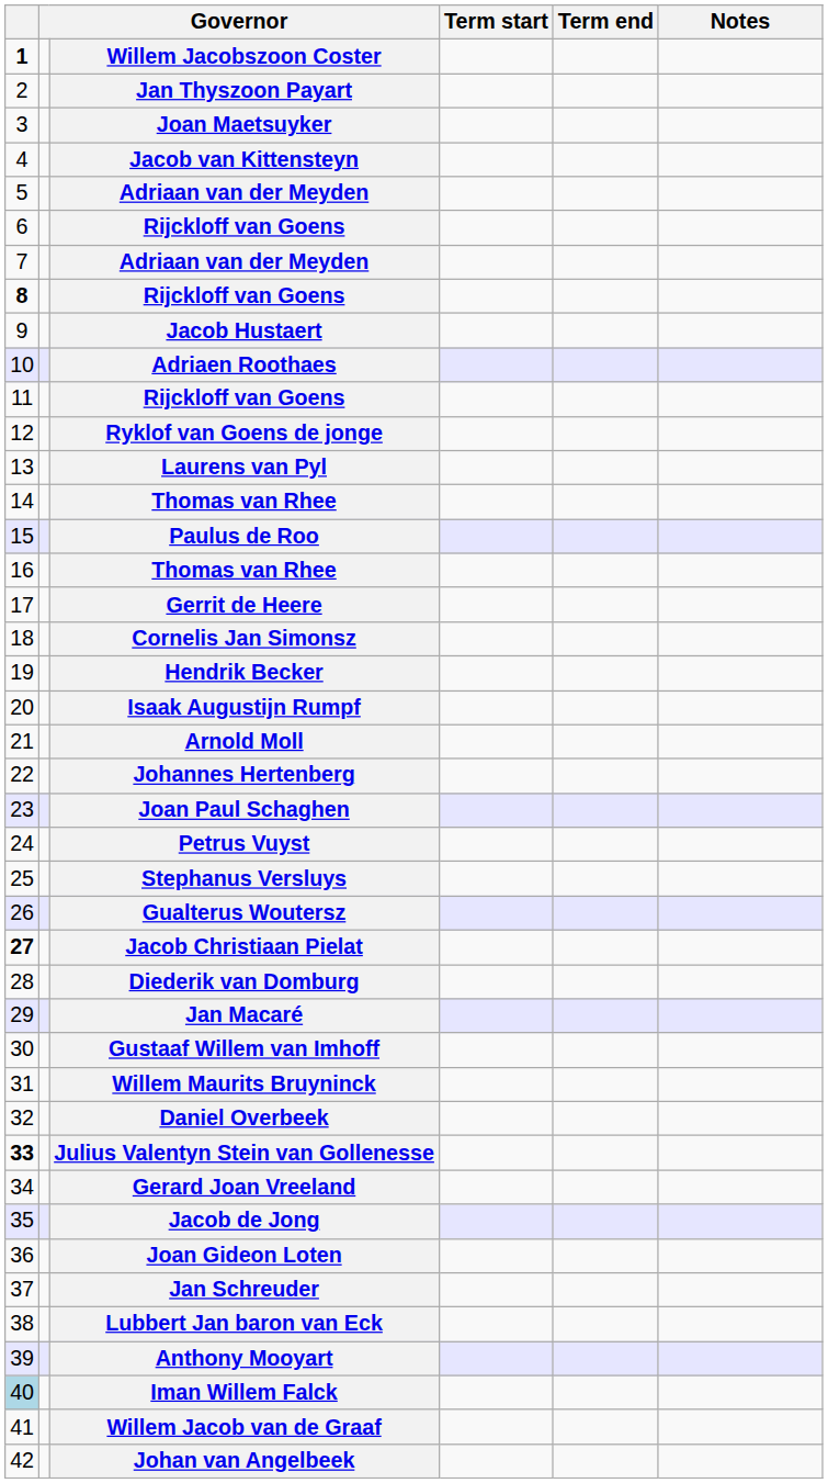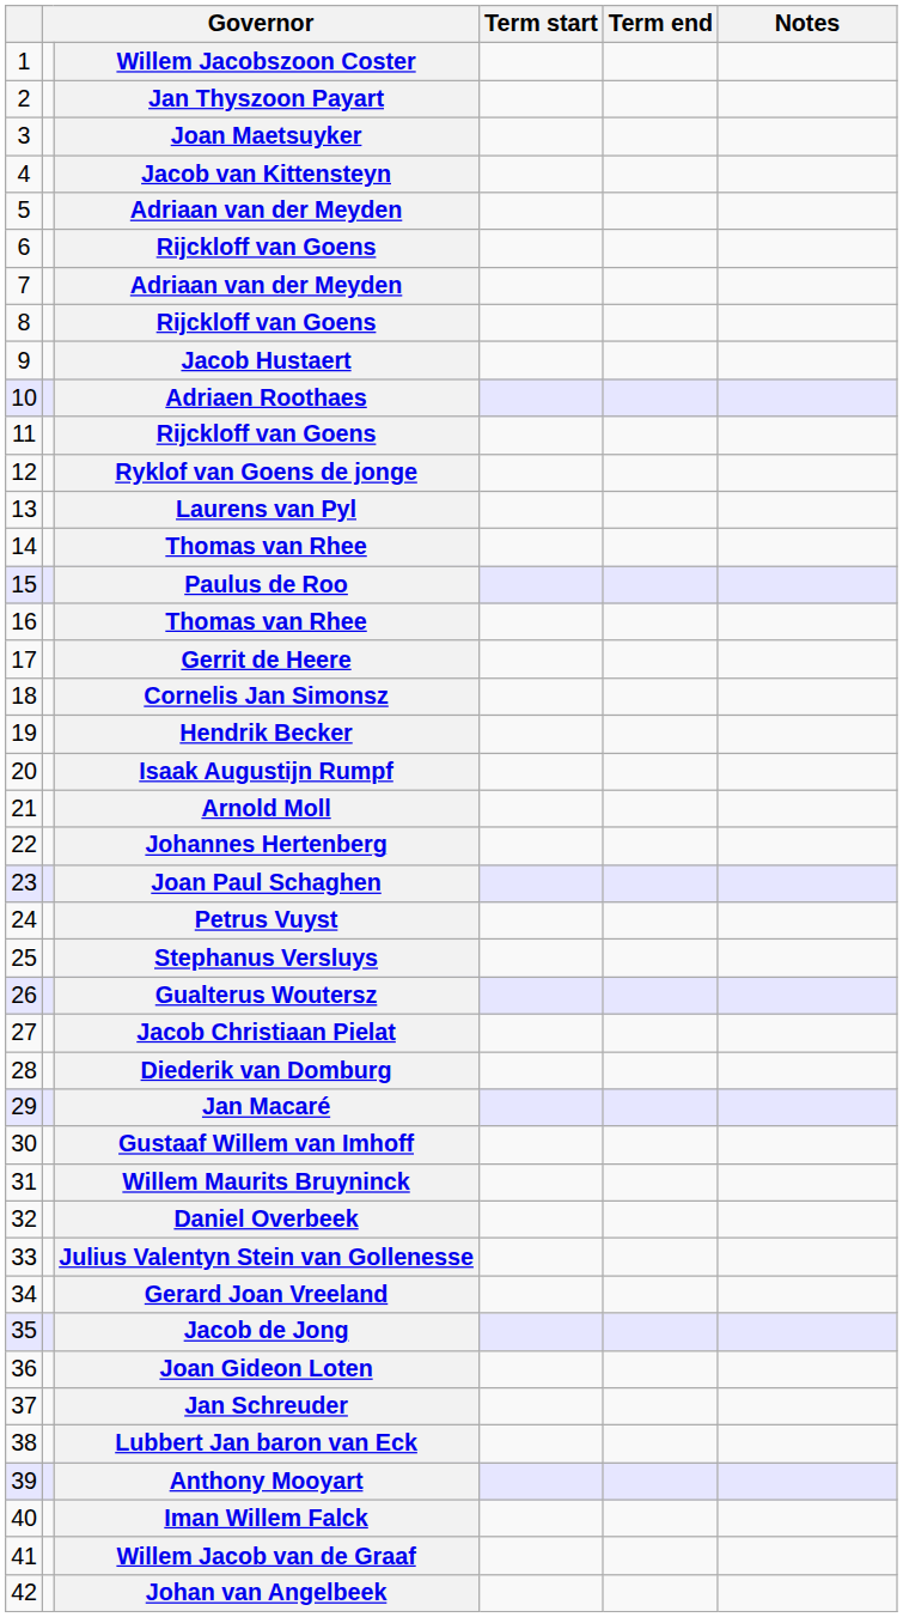 <table class="wikitable sortable" style="text-align:center">
 <tr>
 <th scope="col" data-sort-type="number"></th>
 <th scope="col" colspan="2">Governor</th>
 <th scope="col">Term start</th>
 <th scope="col">Term end</th>
 <th scope="col" class="unsortable" width="20%">Notes</th>
 </tr>
 <tr>
-<td><strong>1</strong></td>
+<td>1</td>
 <td data-sort-value="Coster, Willem Jacobszoon"></td>
 <th scope="row"><a href='#'>Willem Jacobszoon Coster</a></th>
 <td></td>
 <td></td>
 <td></td>
 </tr>
 <tr>
 <td>2</td>
 <td data-sort-value="Payart, Jan Thyszoon"></td>
 <th scope="row"><a href='#'>Jan Thyszoon Payart</a></th>
 <td></td>
 <td></td>
 <td></td>
 </tr>
 <tr>
 <td>3</td>
 <td data-sort-value="Maetsuyker, Joan"></td>
 <th scope="row"><a href='#'>Joan Maetsuyker</a></th>
 <td></td>
 <td></td>
 <td></td>
 </tr>
 <tr>
 <td>4</td>
 <td data-sort-value="Kittensteyn, Jacob van"></td>
 <th scope="row"><a href='#'>Jacob van Kittensteyn</a></th>
 <td></td>
 <td></td>
 <td></td>
 </tr>
 <tr>
 <td>5</td>
 <td data-sort-value="Meyden, Adriaan van der"></td>
 <th scope="row"><a href='#'>Adriaan van der Meyden</a></th>
 <td></td>
 <td></td>
 <td></td>
 </tr>
 <tr>
 <td>6</td>
 <td data-sort-value="Goens, Rijckloff van"></td>
 <th scope="row"><a href='#'>Rijckloff van Goens</a></th>
 <td></td>
 <td></td>
 <td></td>
 </tr>
 <tr>
 <td>7</td>
 <td data-sort-value="Meyden, Adriaan van der"></td>
 <th scope="row"><a href='#'>Adriaan van der Meyden</a></th>
 <td></td>
 <td></td>
 <td></td>
 </tr>
 <tr>
-<td><strong>8</strong></td>
+<td>8</td>
 <td data-sort-value="Goes, Rijckloff van"></td>
 <th scope="row"><a href='#'>Rijckloff van Goens</a></th>
 <td></td>
 <td></td>
 <td></td>
 </tr>
 <tr>
 <td>9</td>
 <td data-sort-value="Hustaert, Jacob"></td>
 <th scope="row"><a href='#'>Jacob Hustaert</a></th>
 <td></td>
 <td></td>
 <td></td>
 </tr>
 <tr bgcolor="#e6e6ff">
 <td>10</td>
 <td data-sort-value="Roothaes, Adriaen"></td>
 <th scope="row"><a href='#'>Adriaen Roothaes</a></th>
 <td></td>
 <td></td>
 <td></td>
 </tr>
 <tr>
 <td>11</td>
 <td data-sort-value="Goens, Rijckloff van"></td>
 <th scope="row"><a href='#'>Rijckloff van Goens</a></th>
 <td></td>
 <td></td>
 <td></td>
 </tr>
 <tr>
 <td>12</td>
 <td data-sort-value="Goens Jr., Ryklof van"></td>
 <th scope="row"><a href='#'>Ryklof van Goens de jonge</a></th>
 <td></td>
 <td></td>
 <td></td>
 </tr>
 <tr>
 <td>13</td>
 <td data-sort-value="Pyl, Laurens van"></td>
 <th scope="row"><a href='#'>Laurens van Pyl</a></th>
 <td></td>
 <td></td>
 <td></td>
 </tr>
 <tr>
 <td>14</td>
 <td data-sort-value="Rhee, Thomas van"></td>
 <th scope="row"><a href='#'>Thomas van Rhee</a></th>
 <td></td>
 <td></td>
 <td></td>
 </tr>
 <tr bgcolor="#e6e6ff">
 <td>15</td>
 <td data-sort-value="Roo, Paulus de"></td>
 <th scope="row"><a href='#'>Paulus de Roo</a></th>
 <td></td>
 <td></td>
 <td></td>
 </tr>
 <tr>
 <td>16</td>
 <td data-sort-value="Rhee, Thomas van"></td>
 <th scope="row"><a href='#'>Thomas van Rhee</a></th>
 <td></td>
 <td></td>
 <td></td>
 </tr>
 <tr>
 <td>17</td>
 <td data-sort-value="Heere, Gerrit de"></td>
 <th scope="row"><a href='#'>Gerrit de Heere</a></th>
 <td></td>
 <td></td>
 <td></td>
 </tr>
 <tr>
 <td>18</td>
 <td data-sort-value="Simonsz, Cornelis Jan"></td>
 <th scope="row"><a href='#'>Cornelis Jan Simonsz</a></th>
 <td></td>
 <td></td>
 <td></td>
 </tr>
 <tr>
 <td>19</td>
 <td data-sort-value="Becker, Hendrik"></td>
 <th scope="row"><a href='#'>Hendrik Becker</a></th>
 <td></td>
 <td></td>
 <td></td>
 </tr>
 <tr>
 <td>20</td>
 <td data-sort-value="Rumpf, Isaak Augustijn"></td>
 <th scope="row"><a href='#'>Isaak Augustijn Rumpf</a></th>
 <td></td>
 <td></td>
 <td></td>
 </tr>
 <tr bfcolor="#e6e6ff">
 <td>21</td>
 <td data-sort-value="Moll, Arnold"></td>
 <th scope="row"><a href='#'>Arnold Moll</a></th>
 <td></td>
 <td></td>
 <td></td>
 </tr>
 <tr>
 <td>22</td>
 <td data-sort-value="Hertenberg, Johannes"></td>
 <th scope="row"><a href='#'>Johannes Hertenberg</a></th>
 <td></td>
 <td></td>
 <td></td>
 </tr>
 <tr bgcolor="#e6e6ff">
 <td>23</td>
 <td data-sort-value="Schaghen, Joan Paul"></td>
 <th scope="row"><a href='#'>Joan Paul Schaghen</a></th>
 <td></td>
 <td></td>
 <td></td>
 </tr>
 <tr>
 <td>24</td>
 <td data-sort-value="Vuyst, Petrus"></td>
 <th scope="row"><a href='#'>Petrus Vuyst</a></th>
 <td></td>
 <td></td>
 <td></td>
 </tr>
 <tr>
 <td>25</td>
 <td data-sort-value="Versluys, Stephanus"></td>
 <th scope="row"><a href='#'>Stephanus Versluys</a></th>
 <td></td>
 <td></td>
 <td></td>
 </tr>
 <tr bgcolor="#e6e6ff">
 <td>26</td>
 <td data-sort-value="Woutersz, Gualterus"></td>
 <th scope="row"><a href='#'>Gualterus Woutersz</a></th>
 <td></td>
 <td></td>
 <td></td>
 </tr>
 <tr>
-<td><strong>27</strong></td>
+<td>27</td>
 <td data-sort-value="Pielat, Jacob Christiaan"></td>
 <th scope="row"><a href='#'>Jacob Christiaan Pielat</a></th>
 <td></td>
 <td></td>
 <td></td>
 </tr>
 <tr>
 <td>28</td>
 <td data-sort-value="Domburg, Dierderik van"></td>
 <th scope="row"><a href='#'>Diederik van Domburg</a></th>
 <td></td>
 <td></td>
 <td></td>
 </tr>
 <tr bgcolor="#e6e6ff">
 <td>29</td>
 <td data-sort-value="Macaré, Jan"></td>
 <th scope="row"><a href='#'>Jan Macaré</a></th>
 <td></td>
 <td></td>
 <td></td>
 </tr>
 <tr>
 <td>30</td>
 <td data-sort-value="Imhoff, Gustaaf Willem van"></td>
 <th scope="row"><a href='#'>Gustaaf Willem van Imhoff</a></th>
 <td></td>
 <td></td>
 <td></td>
 </tr>
 <tr>
 <td>31</td>
 <td data-sort-value="Bruyninck, Willem Maurits"></td>
 <th scope="row"><a href='#'>Willem Maurits Bruyninck</a></th>
 <td></td>
 <td></td>
 <td></td>
 </tr>
 <tr>
 <td>32</td>
 <td data-sort-value="Overbeek, Daniel"></td>
 <th scope="row"><a href='#'>Daniel Overbeek</a></th>
 <td></td>
 <td></td>
 <td></td>
 </tr>
 <tr>
-<td><strong>33</strong></td>
+<td>33</td>
 <td data-sort-value="Gollenesse, Julius Valentyn Stein van"></td>
 <th scope="row"><a href='#'>Julius Valentyn Stein van Gollenesse</a></th>
 <td></td>
 <td></td>
 <td></td>
 </tr>
 <tr>
 <td>34</td>
 <td data-sort-value="Vreeland, Gerard Joan"></td>
 <th scope="row"><a href='#'>Gerard Joan Vreeland</a></th>
 <td></td>
 <td></td>
 <td></td>
 </tr>
 <tr bgcolor="#e6e6ff">
 <td>35</td>
 <td data-sort-value="Jong, Jacob de"></td>
 <th scope="row"><a href='#'>Jacob de Jong</a></th>
 <td></td>
 <td></td>
 <td></td>
 </tr>
 <tr>
 <td>36</td>
 <td data-sort-value="Loten, Joan Gideon"></td>
 <th scope="row"><a href='#'>Joan Gideon Loten</a></th>
 <td></td>
 <td></td>
 <td></td>
 </tr>
 <tr>
 <td>37</td>
 <td data-sort-value="Schreuder, Jan"></td>
 <th scope="row"><a href='#'>Jan Schreuder</a></th>
 <td></td>
 <td></td>
 <td></td>
 </tr>
 <tr>
 <td>38</td>
 <td data-sort-value="Eck, Lubbert Jan baron van"></td>
 <th scope="row"><a href='#'>Lubbert Jan baron van Eck</a></th>
 <td></td>
 <td></td>
 <td></td>
 </tr>
 <tr bgcolor="#e6e6ff">
 <td>39</td>
 <td data-sort-value="Mooyart, Anthony"></td>
 <th scope="row"><a href='#'>Anthony Mooyart</a></th>
 <td></td>
 <td></td>
 <td></td>
 </tr>
 <tr>
-<td style="background: lightblue;">40</td>
+<td>40</td>
 <td data-sort-value="Falck, Iman Willem"></td>
 <th scope="row"><a href='#'>Iman Willem Falck</a></th>
 <td></td>
 <td></td>
 <td></td>
 </tr>
 <tr>
 <td>41</td>
 <td data-sort-value="Graaf, Willem Jacob van de"></td>
 <th scope="row"><a href='#'>Willem Jacob van de Graaf</a></th>
 <td></td>
 <td></td>
 <td></td>
 </tr>
 <tr>
 <td>42</td>
 <td data-sort-value="Angelbeek, Johan van"></td>
 <th scope="row"><a href='#'>Johan van Angelbeek</a></th>
 <td></td>
 <td></td>
 <td></td>
 </tr>
 </table>
